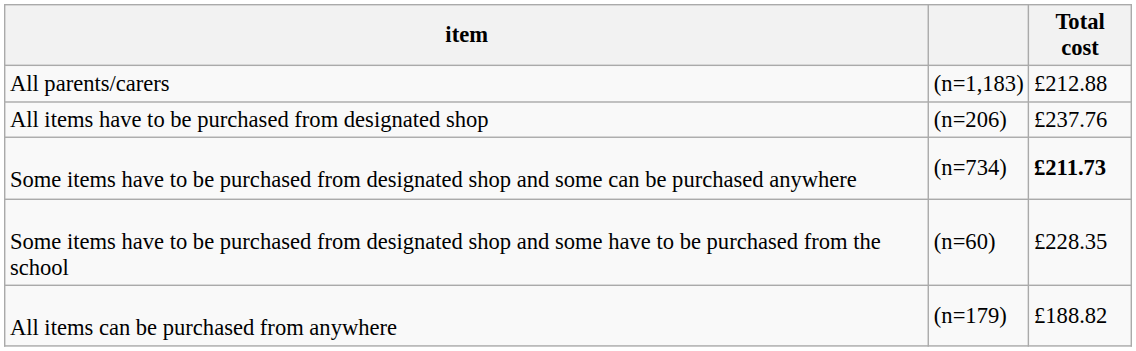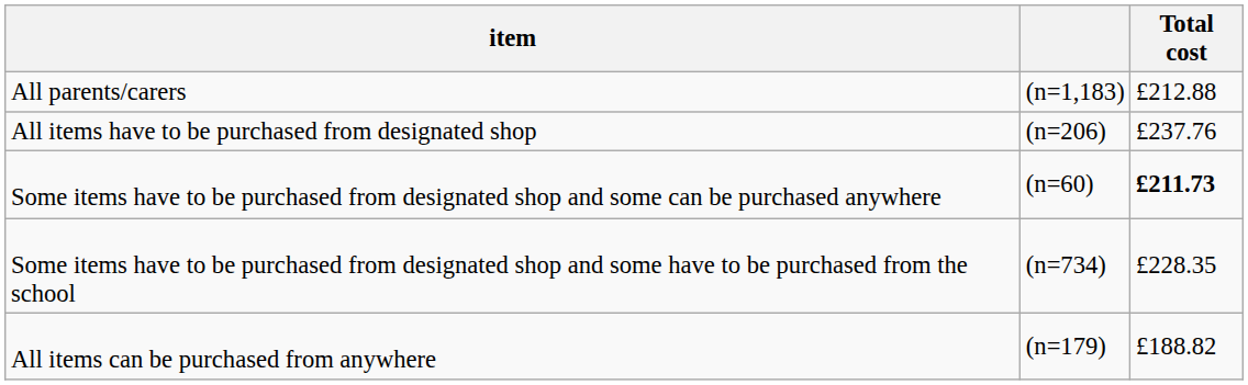 <table class="wikitable" style = "width:50em">
 <tr>
 <th>item</th>
 <th></th>
 <th>Total cost</th>
 </tr>
 <tr>
 <td>All parents/carers</td>
 <td>(n=1,183)</td>
 <td>£212.88</td>
 </tr>
 <tr>
 <td>All items have to be purchased from designated shop</td>
 <td>(n=206)</td>
 <td>£237.76</td>
 </tr>
 <tr>
 <td><br>Some items have to be purchased from designated shop and some can be purchased anywhere</td>
-<td>(n=734)</td>
+<td>(n=60)</td>
 <td><strong>£211.73</strong></td>
 </tr>
 <tr>
 <td><br>Some items have to be purchased from designated shop and some have to be purchased from the school</td>
-<td>(n=60)</td>
+<td>(n=734)</td>
 <td>£228.35</td>
 </tr>
 <tr>
 <td><br>All items can be purchased from anywhere</td>
 <td>(n=179)</td>
 <td>£188.82</td>
 </tr>
 </table>
